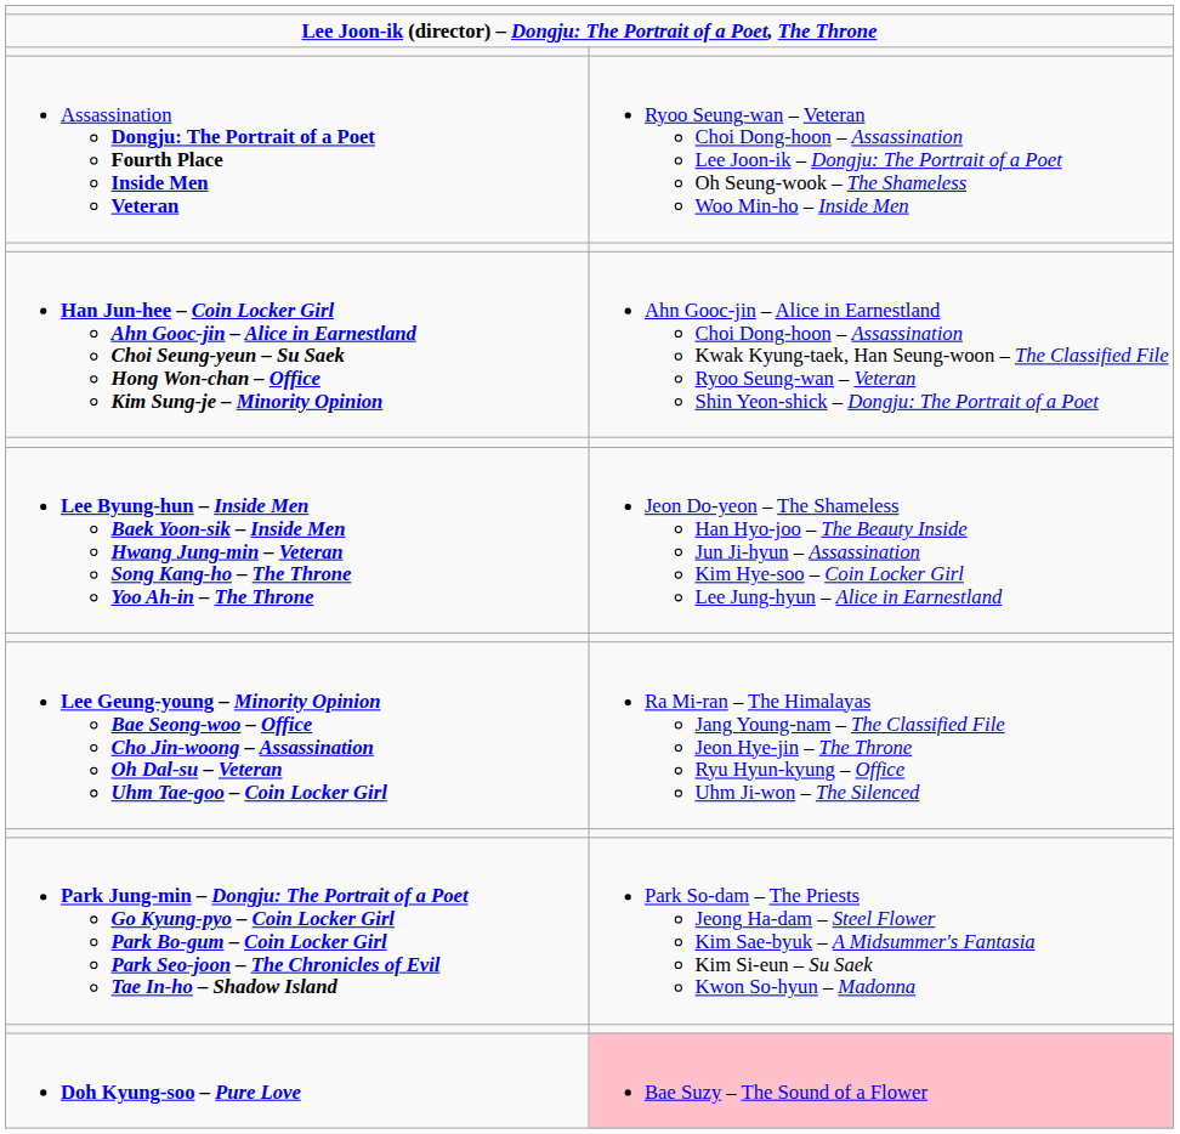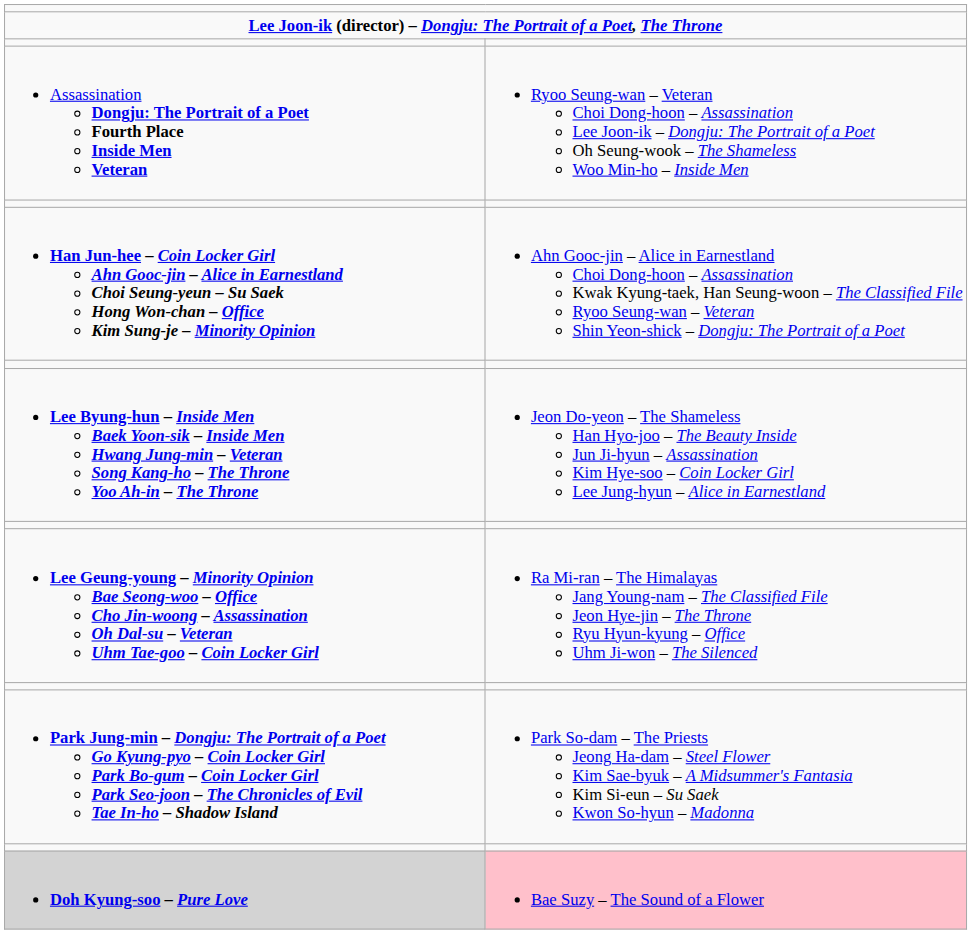 <table class="wikitable" align="center">
 <tr>
 <td colspan="2" style="vertical-align:top; width:100%;"></td>
 </tr>
 <tr>
 <td colspan="2" style="vertical-align:top; text-align:center;"><strong><a href='#'>Lee Joon-ik</a> (director) – <em><a href='#'>Dongju: The Portrait of a Poet</a>, <a href='#'>The Throne</a><strong><em></td>
 </tr>
 <tr>
 <td style="vertical-align:top; width:50%;"></td>
 <td style="vertical-align:top; width:50%;"></td>
 </tr>
 <tr>
 <td valign="top"><br><ul><li></em></strong><a href='#'>Assassination</a><strong><em><ul><li></em><a href='#'>Dongju: The Portrait of a Poet</a><em></li><li></em>Fourth Place<em></li><li></em><a href='#'>Inside Men</a><em></li><li></em><a href='#'>Veteran</a><em></li></ul></li></ul></td>
 <td valign="top"><br><ul><li></strong><a href='#'>Ryoo Seung-wan</a> – </em><a href='#'>Veteran</a></em></strong><ul><li><a href='#'>Choi Dong-hoon</a> – <em><a href='#'>Assassination</a></em></li><li><a href='#'>Lee Joon-ik</a> – <em><a href='#'>Dongju: The Portrait of a Poet</a></em></li><li>Oh Seung-wook – <em><a href='#'>The Shameless</a></em></li><li><a href='#'>Woo Min-ho</a> – <em><a href='#'>Inside Men</a></em></li></ul></li></ul></td>
 </tr>
 <tr>
 <td style="vertical-align:top; width:50%;"></td>
 <td style="vertical-align:top; width:50%;"></td>
 </tr>
 <tr>
 <td valign="top"><br><ul><li><strong><a href='#'>Han Jun-hee</a> – <em><a href='#'>Coin Locker Girl</a><strong><em><ul><li><a href='#'>Ahn Gooc-jin</a> – </em><a href='#'>Alice in Earnestland</a><em></li><li>Choi Seung-yeun – </em>Su Saek<em></li><li>Hong Won-chan – </em><a href='#'>Office</a><em></li><li>Kim Sung-je – </em><a href='#'>Minority Opinion</a><em></li></ul></li></ul></td>
 <td valign="top"><br><ul><li></strong><a href='#'>Ahn Gooc-jin</a> – </em><a href='#'>Alice in Earnestland</a></em></strong><ul><li><a href='#'>Choi Dong-hoon</a> – <em><a href='#'>Assassination</a></em></li><li>Kwak Kyung-taek, Han Seung-woon  – <em><a href='#'>The Classified File</a></em></li><li><a href='#'>Ryoo Seung-wan</a> – <em><a href='#'>Veteran</a></em></li><li><a href='#'>Shin Yeon-shick</a> – <em><a href='#'>Dongju: The Portrait of a Poet</a></em></li></ul></li></ul></td>
 </tr>
 <tr>
 <td style="vertical-align:top; width:50%;"></td>
 <td style="vertical-align:top; width:50%;"></td>
 </tr>
 <tr>
 <td valign="top"><br><ul><li><strong><a href='#'>Lee Byung-hun</a> – <em><a href='#'>Inside Men</a><strong><em><ul><li><a href='#'>Baek Yoon-sik</a> – </em><a href='#'>Inside Men</a><em></li><li><a href='#'>Hwang Jung-min</a> – </em><a href='#'>Veteran</a><em></li><li><a href='#'>Song Kang-ho</a> – </em><a href='#'>The Throne</a><em></li><li><a href='#'>Yoo Ah-in</a> – </em><a href='#'>The Throne</a><em></li></ul></li></ul></td>
 <td valign="top"><br><ul><li></strong><a href='#'>Jeon Do-yeon</a> – </em><a href='#'>The Shameless</a></em></strong><ul><li><a href='#'>Han Hyo-joo</a> – <em><a href='#'>The Beauty Inside</a></em></li><li><a href='#'>Jun Ji-hyun</a> – <em><a href='#'>Assassination</a></em></li><li><a href='#'>Kim Hye-soo</a> – <em><a href='#'>Coin Locker Girl</a></em></li><li><a href='#'>Lee Jung-hyun</a> – <em><a href='#'>Alice in Earnestland</a></em></li></ul></li></ul></td>
 </tr>
 <tr>
 <td style="vertical-align:top; width:50%;"></td>
 <td style="vertical-align:top; width:50%;"></td>
 </tr>
 <tr>
 <td valign="top"><br><ul><li><strong><a href='#'>Lee Geung-young</a> – <em><a href='#'>Minority Opinion</a><strong><em><ul><li><a href='#'>Bae Seong-woo</a> – </em><a href='#'>Office</a><em></li><li><a href='#'>Cho Jin-woong</a> – </em><a href='#'>Assassination</a><em></li><li><a href='#'>Oh Dal-su</a> – </em><a href='#'>Veteran</a><em></li><li><a href='#'>Uhm Tae-goo</a> – </em><a href='#'>Coin Locker Girl</a><em></li></ul></li></ul></td>
 <td valign="top"><br><ul><li></strong><a href='#'>Ra Mi-ran</a> – </em><a href='#'>The Himalayas</a></em></strong><ul><li><a href='#'>Jang Young-nam</a> – <em><a href='#'>The Classified File</a></em></li><li><a href='#'>Jeon Hye-jin</a> – <em><a href='#'>The Throne</a></em></li><li><a href='#'>Ryu Hyun-kyung</a> – <em><a href='#'>Office</a></em></li><li><a href='#'>Uhm Ji-won</a> – <em><a href='#'>The Silenced</a></em></li></ul></li></ul></td>
 </tr>
 <tr>
 <td style="vertical-align:top; width:50%;"></td>
 <td style="vertical-align:top; width:50%;"></td>
 </tr>
 <tr>
 <td valign="top"><br><ul><li><strong><a href='#'>Park Jung-min</a> – <em><a href='#'>Dongju: The Portrait of a Poet</a><strong><em><ul><li><a href='#'>Go Kyung-pyo</a> – </em><a href='#'>Coin Locker Girl</a><em></li><li><a href='#'>Park Bo-gum</a> – </em><a href='#'>Coin Locker Girl</a><em></li><li><a href='#'>Park Seo-joon</a> – </em><a href='#'>The Chronicles of Evil</a><em></li><li><a href='#'>Tae In-ho</a> – </em>Shadow Island<em></li></ul></li></ul></td>
 <td valign="top"><br><ul><li></strong><a href='#'>Park So-dam</a> – </em><a href='#'>The Priests</a></em></strong><ul><li><a href='#'>Jeong Ha-dam</a> – <em><a href='#'>Steel Flower</a></em></li><li><a href='#'>Kim Sae-byuk</a> – <em><a href='#'>A Midsummer's Fantasia</a></em></li><li>Kim Si-eun – <em>Su Saek</em></li><li><a href='#'>Kwon So-hyun</a> – <em><a href='#'>Madonna</a></em></li></ul></li></ul></td>
 </tr>
 <tr>
 <td style="vertical-align:top; width:50%;"></td>
 <td style="vertical-align:top; width:50%;"></td>
 </tr>
 <tr>
-<td valign="top"><br><ul><li><strong><a href='#'>Doh Kyung-soo</a> – <em><a href='#'>Pure Love</a><strong><em></li></ul></td>
+<td valign="top" style="background: lightgrey;"><br><ul><li><strong><a href='#'>Doh Kyung-soo</a> – <em><a href='#'>Pure Love</a><strong><em></li></ul></td>
 <td valign="top" style="background: pink;"><br><ul><li></strong><a href='#'>Bae Suzy</a> – </em><a href='#'>The Sound of a Flower</a></em></strong></li></ul></td>
 </tr>
 </table>
